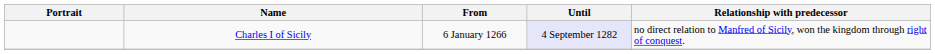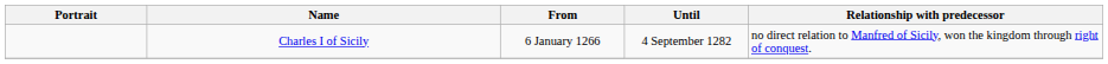 <table width=90% class="wikitable">
 <tr>
 <th width=8%>Portrait</th>
 <th width=20%>Name</th>
 <th width=7%>From</th>
 <th width=7%>Until</th>
 <th width=20%>Relationship with predecessor</th>
 </tr>
 <tr>
 <td align="center"></td>
 <td align="center"><a href='#'>Charles I of Sicily</a></td>
 <td align="center">6 January 1266</td>
-<td align="center" style="background: lavender;">4 September 1282</td>
+<td align="center">4 September 1282</td>
 <td>no direct relation to <a href='#'>Manfred of Sicily</a>, won the kingdom through <a href='#'>right of conquest</a>.</td>
 </tr>
 <tr>
 </tr>
 </table>
